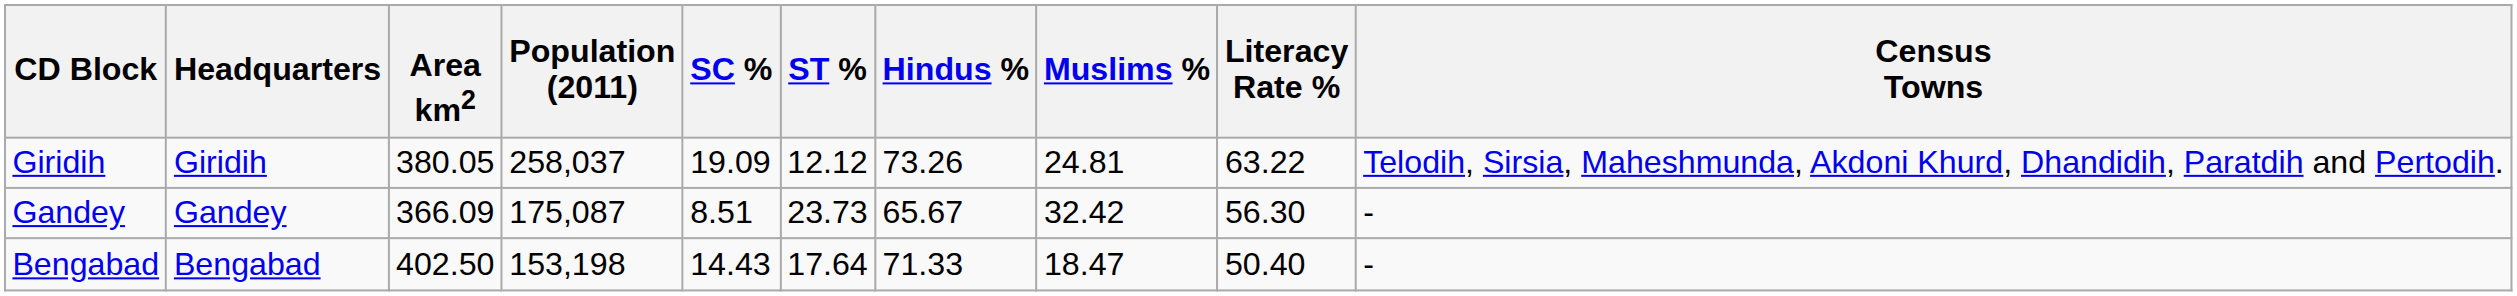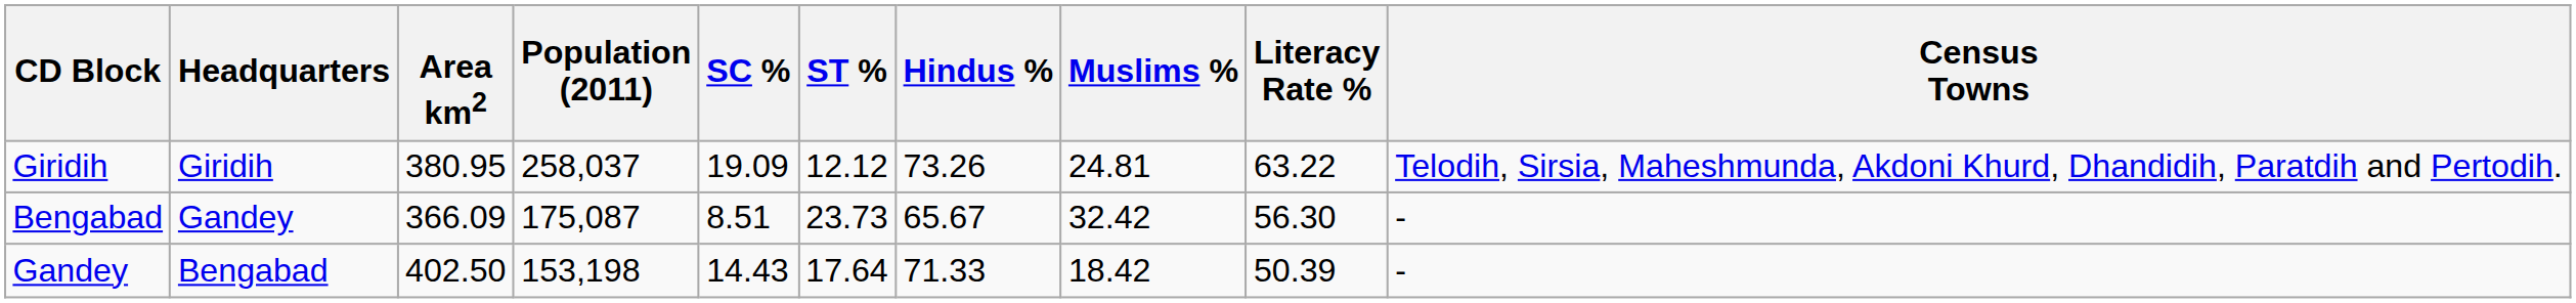 <table class="wikitable sortable">
 <tr>
 <th>CD Block</th>
 <th>Headquarters</th>
 <th><br>Area<br>km<sup>2</sup></th>
 <th>Population<br>(2011)</th>
 <th><a href='#'>SC</a> %</th>
 <th><a href='#'>ST</a> %</th>
 <th><a href='#'>Hindus</a> %</th>
 <th><a href='#'>Muslims</a> %</th>
 <th>Literacy<br> Rate %</th>
 <th>Census<br>Towns</th>
 </tr>
 <tr>
 <td><a href='#'>Giridih</a></td>
 <td><a href='#'>Giridih</a></td>
-<td>380.05</td>
+<td>380.95</td>
 <td>258,037</td>
 <td>19.09</td>
 <td>12.12</td>
 <td>73.26</td>
 <td>24.81</td>
 <td>63.22</td>
 <td><a href='#'>Telodih</a>, <a href='#'>Sirsia</a>, <a href='#'>Maheshmunda</a>, <a href='#'>Akdoni Khurd</a>, <a href='#'>Dhandidih</a>, <a href='#'>Paratdih</a> and <a href='#'>Pertodih</a>.</td>
 </tr>
 <tr>
-<td><a href='#'>Gandey</a></td>
+<td><a href='#'>Bengabad</a></td>
 <td><a href='#'>Gandey</a></td>
 <td>366.09</td>
 <td>175,087</td>
 <td>8.51</td>
 <td>23.73</td>
 <td>65.67</td>
 <td>32.42</td>
 <td>56.30</td>
 <td>-</td>
 </tr>
 <tr>
-<td><a href='#'>Bengabad</a></td>
+<td><a href='#'>Gandey</a></td>
 <td><a href='#'>Bengabad</a></td>
 <td>402.50</td>
 <td>153,198</td>
 <td>14.43</td>
 <td>17.64</td>
 <td>71.33</td>
-<td>18.47</td>
-<td>50.40</td>
+<td>18.42</td>
+<td>50.39</td>
 <td>-</td>
 </tr>
 </table>
